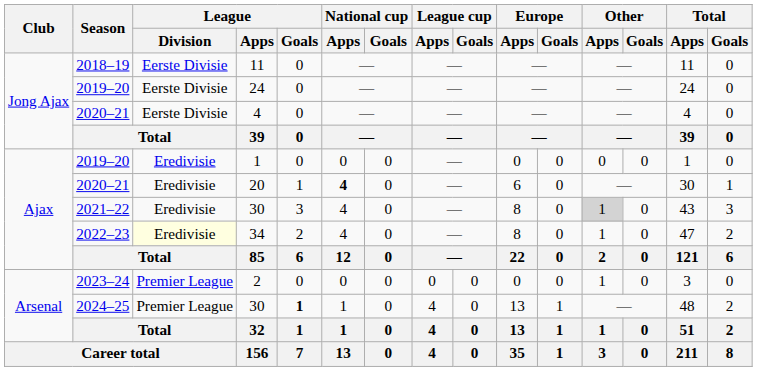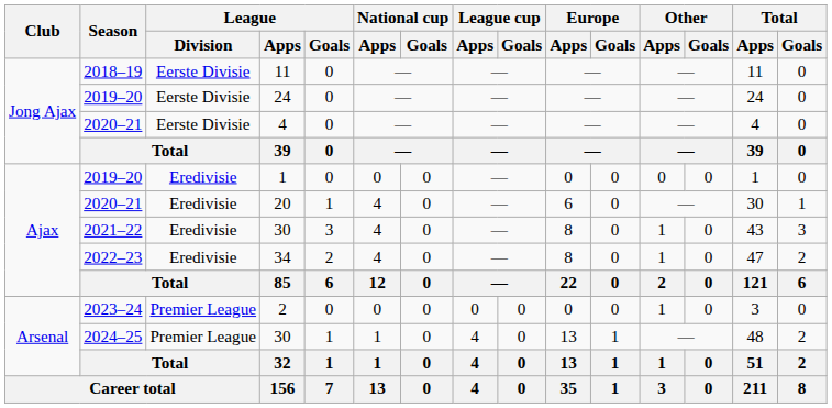 <table class="wikitable" style="text-align:center">
 <tr>
 <th rowspan="2">Club</th>
 <th rowspan="2">Season</th>
 <th colspan="3">League</th>
 <th colspan="2">National cup</th>
 <th colspan="2">League cup</th>
 <th colspan="2">Europe</th>
 <th colspan="2">Other</th>
 <th colspan="2">Total</th>
 </tr>
 <tr>
 <th>Division</th>
 <th>Apps</th>
 <th>Goals</th>
 <th>Apps</th>
 <th>Goals</th>
 <th>Apps</th>
 <th>Goals</th>
 <th>Apps</th>
 <th>Goals</th>
 <th>Apps</th>
 <th>Goals</th>
 <th>Apps</th>
 <th>Goals</th>
 </tr>
 <tr>
 <td rowspan="4"><a href='#'>Jong Ajax</a></td>
 <td><a href='#'>2018–19</a></td>
 <td><a href='#'>Eerste Divisie</a></td>
 <td>11</td>
 <td>0</td>
 <td colspan="2">—</td>
 <td colspan="2">—</td>
 <td colspan="2">—</td>
 <td colspan="2">—</td>
 <td>11</td>
 <td>0</td>
 </tr>
 <tr>
 <td><a href='#'>2019–20</a></td>
 <td>Eerste Divisie</td>
 <td>24</td>
 <td>0</td>
 <td colspan="2">—</td>
 <td colspan="2">—</td>
 <td colspan="2">—</td>
 <td colspan="2">—</td>
 <td>24</td>
 <td>0</td>
 </tr>
 <tr>
 <td><a href='#'>2020–21</a></td>
 <td>Eerste Divisie</td>
 <td>4</td>
 <td>0</td>
 <td colspan="2">—</td>
 <td colspan="2">—</td>
 <td colspan="2">—</td>
 <td colspan="2">—</td>
 <td>4</td>
 <td>0</td>
 </tr>
 <tr>
 <th colspan="2">Total</th>
 <th>39</th>
 <th>0</th>
 <th colspan="2">—</th>
 <th colspan="2">—</th>
 <th colspan="2">—</th>
 <th colspan="2">—</th>
 <th>39</th>
 <th>0</th>
 </tr>
 <tr>
 <td rowspan="5"><a href='#'>Ajax</a></td>
 <td><a href='#'>2019–20</a></td>
 <td><a href='#'>Eredivisie</a></td>
 <td>1</td>
 <td>0</td>
 <td>0</td>
 <td>0</td>
 <td colspan="2">—</td>
 <td>0</td>
 <td>0</td>
 <td>0</td>
 <td>0</td>
 <td>1</td>
 <td>0</td>
 </tr>
 <tr>
 <td><a href='#'>2020–21</a></td>
 <td>Eredivisie</td>
 <td>20</td>
 <td>1</td>
-<td><strong>4</strong></td>
+<td>4</td>
 <td>0</td>
 <td colspan="2">—</td>
 <td>6</td>
 <td>0</td>
 <td colspan="2">—</td>
 <td>30</td>
 <td>1</td>
 </tr>
 <tr>
 <td><a href='#'>2021–22</a></td>
 <td>Eredivisie</td>
 <td>30</td>
 <td>3</td>
 <td>4</td>
 <td>0</td>
 <td colspan="2">—</td>
 <td>8</td>
 <td>0</td>
-<td style="background: lightgrey;">1</td>
+<td>1</td>
 <td>0</td>
 <td>43</td>
 <td>3</td>
 </tr>
 <tr>
 <td><a href='#'>2022–23</a></td>
-<td style="background: lightyellow;">Eredivisie</td>
+<td>Eredivisie</td>
 <td>34</td>
 <td>2</td>
 <td>4</td>
 <td>0</td>
 <td colspan="2">—</td>
 <td>8</td>
 <td>0</td>
 <td>1</td>
 <td>0</td>
 <td>47</td>
 <td>2</td>
 </tr>
 <tr>
 <th colspan="2">Total</th>
 <th>85</th>
 <th>6</th>
 <th>12</th>
 <th>0</th>
 <th colspan="2">—</th>
 <th>22</th>
 <th>0</th>
 <th>2</th>
 <th>0</th>
 <th>121</th>
 <th>6</th>
 </tr>
 <tr>
 <td rowspan="3"><a href='#'>Arsenal</a></td>
 <td><a href='#'>2023–24</a></td>
 <td><a href='#'>Premier League</a></td>
 <td>2</td>
 <td>0</td>
 <td>0</td>
 <td>0</td>
 <td>0</td>
 <td>0</td>
 <td>0</td>
 <td>0</td>
 <td>1</td>
 <td>0</td>
 <td>3</td>
 <td>0</td>
 </tr>
 <tr>
 <td><a href='#'>2024–25</a></td>
 <td>Premier League</td>
 <td>30</td>
-<td><strong>1</strong></td>
+<td>1</td>
 <td>1</td>
 <td>0</td>
 <td>4</td>
 <td>0</td>
 <td>13</td>
 <td>1</td>
 <td colspan="2">—</td>
 <td>48</td>
 <td>2</td>
 </tr>
 <tr>
 <th colspan="2">Total</th>
 <th>32</th>
 <th>1</th>
 <th>1</th>
 <th>0</th>
 <th>4</th>
 <th>0</th>
 <th>13</th>
 <th>1</th>
 <th>1</th>
 <th>0</th>
 <th>51</th>
 <th>2</th>
 </tr>
 <tr>
 <th colspan="3">Career total</th>
 <th>156</th>
 <th>7</th>
 <th>13</th>
 <th>0</th>
 <th>4</th>
 <th>0</th>
 <th>35</th>
 <th>1</th>
 <th>3</th>
 <th>0</th>
 <th>211</th>
 <th>8</th>
 </tr>
 </table>
